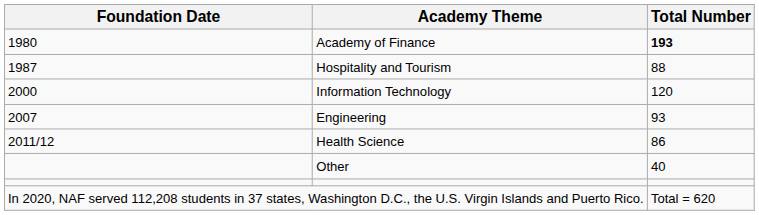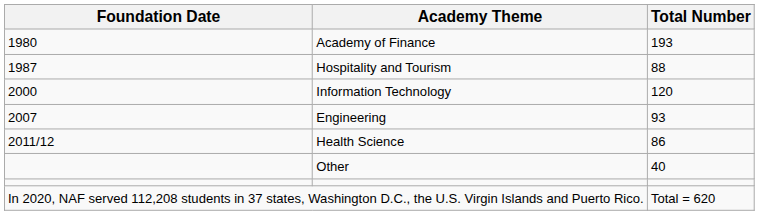 <table class="wikitable" style="margin-left: auto; margin-right: auto; border: none;">
 <tr>
 <th>Foundation Date</th>
 <th>Academy Theme</th>
 <th>Total Number</th>
 </tr>
 <tr>
 <td><small>1980</small></td>
 <td><small>Academy of Finance</small></td>
-<td><strong><small>193</small></strong></td>
+<td><small>193</small></td>
 </tr>
 <tr>
 <td><small>1987</small></td>
 <td><small>Hospitality and Tourism</small></td>
 <td><small>88</small></td>
 </tr>
 <tr>
 <td><small>2000</small></td>
 <td><small>Information Technology</small></td>
 <td><small>120</small></td>
 </tr>
 <tr>
 <td><small>2007</small></td>
 <td><small>Engineering</small></td>
 <td><small>93</small></td>
 </tr>
 <tr>
 <td><small>2011/12</small></td>
 <td><small>Health Science</small></td>
 <td><small>86</small></td>
 </tr>
 <tr>
 <td></td>
 <td><small>Other</small></td>
 <td><small>40</small></td>
 </tr>
 <tr>
 <td></td>
 <td></td>
 <td></td>
 </tr>
 <tr>
 <td colspan="2"><small>In 2020, NAF served 112,208 students in 37 states, Washington D.C., the U.S. Virgin Islands and Puerto Rico.</small></td>
 <td><small>Total = 620</small></td>
 </tr>
 </table>
